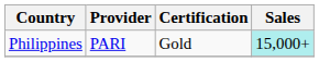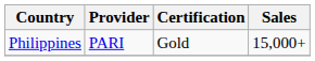 <table class="wikitable">
 <tr>
 <th>Country</th>
 <th>Provider</th>
 <th>Certification</th>
 <th>Sales</th>
 </tr>
 <tr>
 <td><a href='#'>Philippines</a></td>
 <td><a href='#'>PARI</a></td>
 <td>Gold</td>
-<td style="background: paleturquoise;">15,000+</td>
+<td>15,000+</td>
 </tr>
 <tr>
 </tr>
 </table>
